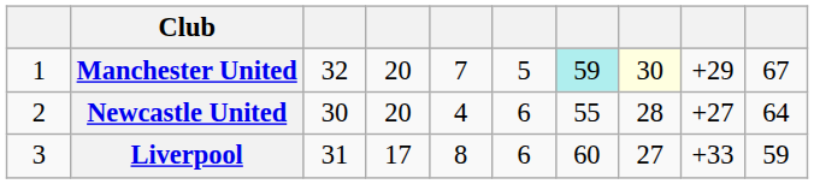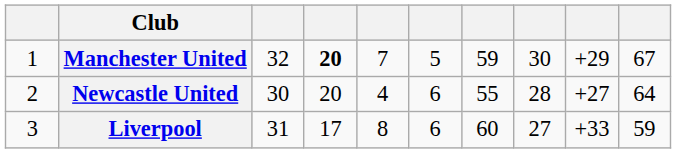 <table class="wikitable plainrowheaders" style="text-align: center;float:right">
 <tr>
 <th scope=col width=30></th>
 <th scope=col>Club</th>
 <th scope=col width=30></th>
 <th scope=col width=30></th>
 <th scope=col width=30></th>
 <th scope=col width=30></th>
 <th scope=col width=30></th>
 <th scope=col width=30></th>
 <th scope=col width=30></th>
 <th scope=col width=30></th>
 </tr>
 <tr>
 <td>1</td>
 <th scope=row><a href='#'>Manchester United</a></th>
 <td>32</td>
-<td>20</td>
+<td><strong>20</strong></td>
 <td>7</td>
 <td>5</td>
-<td style="background: paleturquoise;">59</td>
-<td style="background: lightyellow;">30</td>
+<td>59</td>
+<td>30</td>
 <td>+29</td>
 <td>67</td>
 </tr>
 <tr>
 <td>2</td>
 <th scope=row><a href='#'>Newcastle United</a></th>
 <td>30</td>
 <td>20</td>
 <td>4</td>
 <td>6</td>
 <td>55</td>
 <td>28</td>
 <td>+27</td>
 <td>64</td>
 </tr>
 <tr>
 <td>3</td>
 <th scope=row><a href='#'>Liverpool</a></th>
 <td>31</td>
 <td>17</td>
 <td>8</td>
 <td>6</td>
 <td>60</td>
 <td>27</td>
 <td>+33</td>
 <td>59</td>
 </tr>
 </table>
